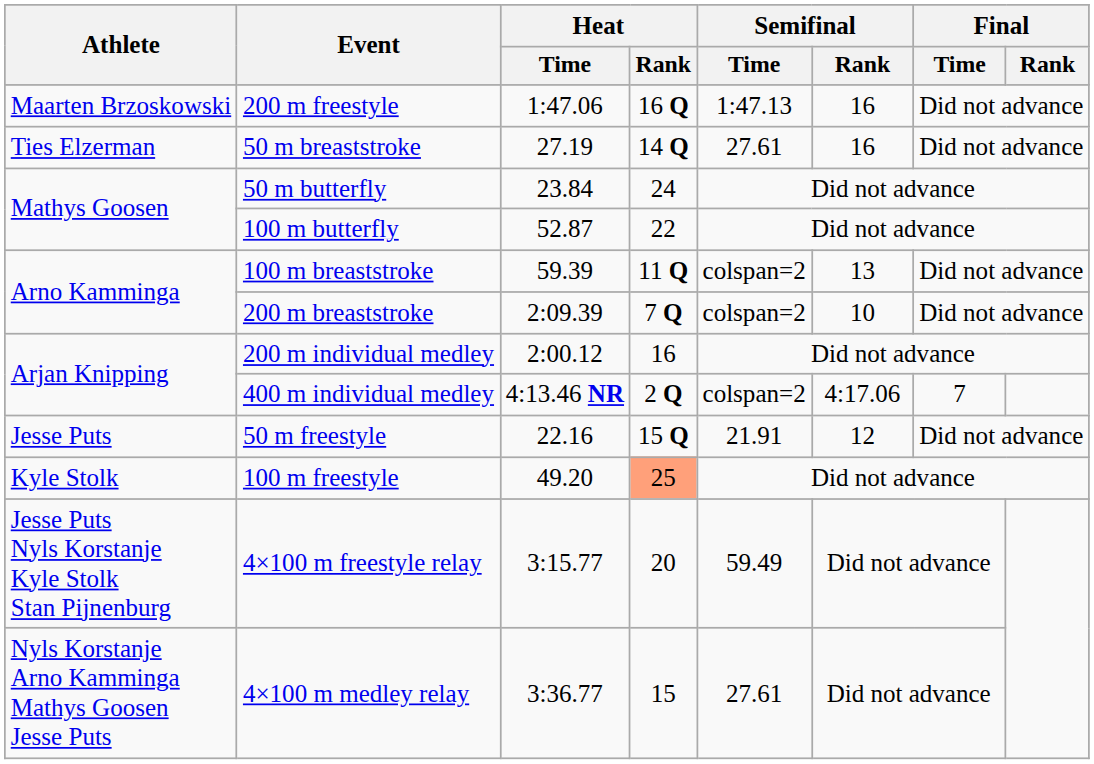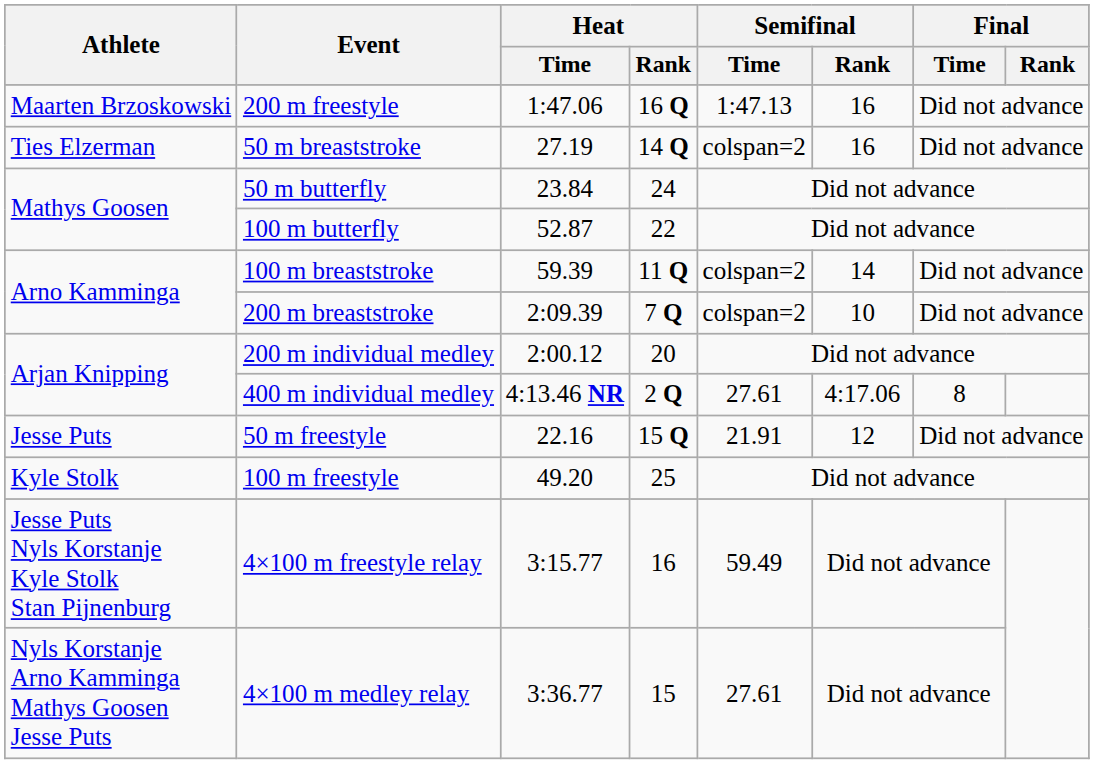 <table class="wikitable" style="text-align:center; font-size:90%">
 <tr>
 <th rowspan="2">Athlete</th>
 <th rowspan="2">Event</th>
 <th colspan="2">Heat</th>
 <th colspan="2">Semifinal</th>
 <th colspan="2">Final</th>
 </tr>
 <tr style="font-size:95%">
 <th>Time</th>
 <th>Rank</th>
 <th>Time</th>
 <th>Rank</th>
 <th>Time</th>
 <th>Rank</th>
 </tr>
 <tr>
 <td align=left><a href='#'>Maarten Brzoskowski</a></td>
 <td align=left><a href='#'>200 m freestyle</a></td>
 <td>1:47.06</td>
 <td>16 <strong>Q</strong></td>
 <td>1:47.13</td>
 <td>16</td>
 <td colspan=2>Did not advance</td>
 </tr>
 <tr>
 <td align=left><a href='#'>Ties Elzerman</a></td>
 <td align=left><a href='#'>50 m breaststroke</a></td>
 <td>27.19</td>
 <td>14 <strong>Q</strong></td>
-<td>27.61</td>
+<td>colspan=2 </td>
 <td>16</td>
 <td colspan=2>Did not advance</td>
 </tr>
 <tr>
 <td align=left rowspan=2><a href='#'>Mathys Goosen</a></td>
 <td align=left><a href='#'>50 m butterfly</a></td>
 <td>23.84</td>
 <td>24</td>
 <td colspan=4>Did not advance</td>
 </tr>
 <tr>
 <td align=left><a href='#'>100 m butterfly</a></td>
 <td>52.87</td>
 <td>22</td>
 <td colspan=4>Did not advance</td>
 </tr>
 <tr>
 <td align=left rowspan=2><a href='#'>Arno Kamminga</a></td>
 <td align=left><a href='#'>100 m breaststroke</a></td>
 <td>59.39</td>
 <td>11 <strong>Q</strong></td>
 <td>colspan=2 </td>
-<td>13</td>
+<td>14</td>
 <td colspan=2>Did not advance</td>
 </tr>
 <tr>
 <td align=left><a href='#'>200 m breaststroke</a></td>
 <td>2:09.39</td>
 <td>7 <strong>Q</strong></td>
 <td>colspan=2 </td>
 <td>10</td>
 <td colspan=2>Did not advance</td>
 </tr>
 <tr>
 <td align=left rowspan=2><a href='#'>Arjan Knipping</a></td>
 <td align=left><a href='#'>200 m individual medley</a></td>
 <td>2:00.12</td>
-<td>16</td>
+<td>20</td>
 <td colspan=4>Did not advance</td>
 </tr>
 <tr>
 <td align=left><a href='#'>400 m individual medley</a></td>
 <td>4:13.46 <strong><a href='#'>NR</a></strong></td>
 <td>2 <strong>Q</strong></td>
-<td>colspan=2 </td>
+<td>27.61</td>
 <td>4:17.06</td>
-<td>7</td>
+<td>8</td>
 </tr>
 <tr>
 <td align=left><a href='#'>Jesse Puts</a></td>
 <td align=left><a href='#'>50 m freestyle</a></td>
 <td>22.16</td>
 <td>15 <strong>Q</strong></td>
 <td>21.91</td>
 <td>12</td>
 <td colspan=2>Did not advance</td>
 </tr>
 <tr>
 <td align=left><a href='#'>Kyle Stolk</a></td>
 <td align=left><a href='#'>100 m freestyle</a></td>
 <td>49.20</td>
-<td style="background: lightsalmon;">25</td>
+<td>25</td>
 <td colspan=4>Did not advance</td>
 </tr>
 <tr>
 <td align=left><a href='#'>Jesse Puts</a><br><a href='#'>Nyls Korstanje</a><br><a href='#'>Kyle Stolk</a><br><a href='#'>Stan Pijnenburg</a></td>
 <td align=left><a href='#'>4×100 m freestyle relay</a></td>
 <td>3:15.77</td>
-<td>20</td>
+<td>16</td>
 <td>59.49</td>
 <td colspan=2>Did not advance</td>
 </tr>
 <tr>
 <td align=left><a href='#'>Nyls Korstanje</a><br><a href='#'>Arno Kamminga</a><br><a href='#'>Mathys Goosen</a><br><a href='#'>Jesse Puts</a></td>
 <td align=left><a href='#'>4×100 m medley relay</a></td>
 <td>3:36.77</td>
 <td>15</td>
 <td>27.61</td>
 <td colspan=2>Did not advance</td>
 </tr>
 </table>
